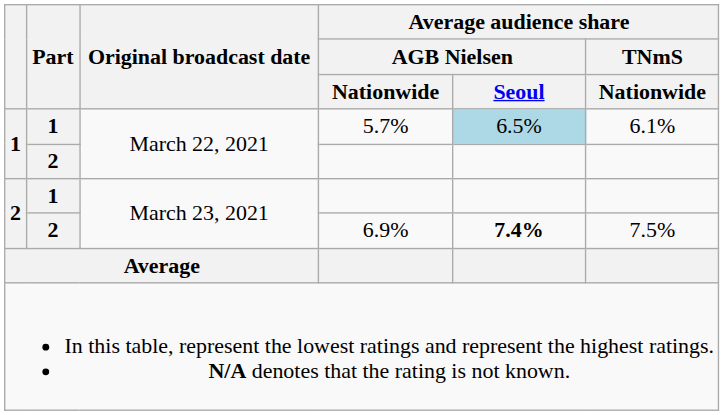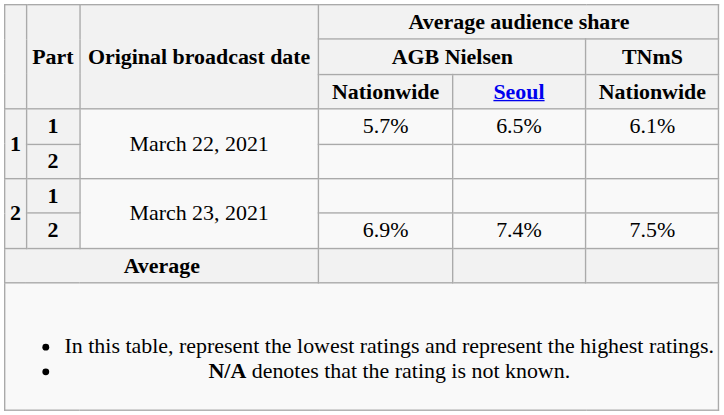 <table class="wikitable" style="text-align:center">
 <tr>
 <th rowspan="3"></th>
 <th rowspan="3">Part</th>
 <th rowspan="3">Original broadcast date</th>
 <th colspan="3">Average audience share</th>
 </tr>
 <tr>
 <th colspan="2">AGB Nielsen</th>
 <th>TNmS</th>
 </tr>
 <tr>
 <th width="90">Nationwide</th>
 <th width="90"><a href='#'>Seoul</a></th>
 <th width="90">Nationwide</th>
 </tr>
 <tr>
 <th rowspan="2">1</th>
 <th>1</th>
 <td rowspan="2">March 22, 2021</td>
 <td>5.7% </td>
-<td style="background: lightblue;">6.5% </td>
+<td>6.5% </td>
 <td>6.1% </td>
 </tr>
 <tr>
 <th>2</th>
 <td> </td>
 <td> </td>
 <td> </td>
 </tr>
 <tr>
 <th rowspan="2">2</th>
 <th>1</th>
 <td rowspan="2">March 23, 2021</td>
 <td> </td>
 <td></td>
 <td> </td>
 </tr>
 <tr>
 <th>2</th>
 <td>6.9% </td>
-<td><strong>7.4% </strong></td>
+<td>7.4% </td>
 <td>7.5% </td>
 </tr>
 <tr>
 <th colspan="3">Average</th>
 <th></th>
 <th></th>
 <th></th>
 </tr>
 <tr>
 <td colspan="6"><br><ul><li>In this table,  represent the lowest ratings and  represent the highest ratings.</li><li><strong>N/A</strong> denotes that the rating is not known.</li></ul></td>
 </tr>
 </table>
